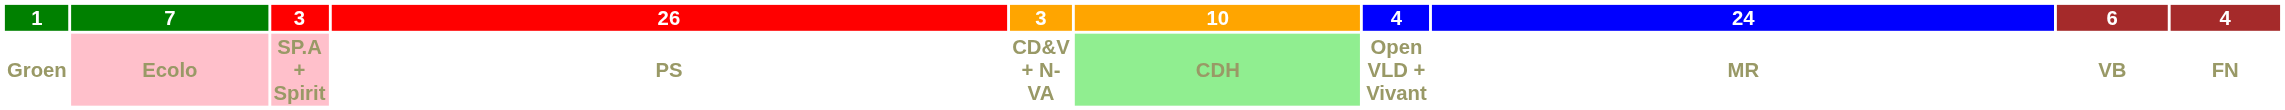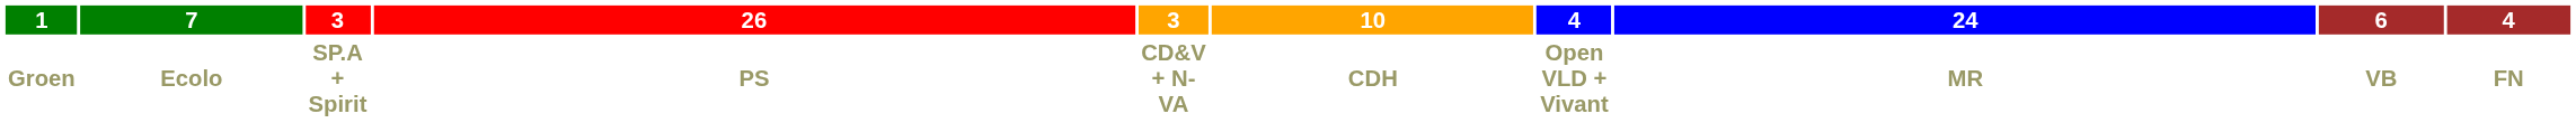 <table style="width:100%; font-size:88%; text-align:center;">
 <tr style="font-weight:bold">
 <td style="background:green; width:1.35%; color:white">1</td>
 <td style="background:green; width:8.35%; color:white">7</td>
 <td style="background:red; width:2.44%; color:white">3</td>
 <td style="background:red; width:28.75%; color:white">26</td>
 <td style="background:orange; width:2.31%; color:white">3</td>
 <td style="background:orange; width:12.14%; color:white">10</td>
 <td style="background:blue; width:2.74%; color:white">4</td>
 <td style="background:blue; width:26.46%; color:white">24</td>
 <td style="background:brown; width:4.69%; color:white">6</td>
 <td style="background:brown; width:4.67%; color:white">4</td>
 </tr>
 <tr style="font-weight:bold; color:#996;">
 <td>Groen</td>
-<td style="background: pink;">Ecolo</td>
-<td style="background: pink;">SP.A + Spirit</td>
+<td>Ecolo</td>
+<td>SP.A + Spirit</td>
 <td>PS</td>
 <td>CD&V + N-VA</td>
-<td style="background: lightgreen;">CDH</td>
+<td>CDH</td>
 <td>Open VLD + Vivant</td>
 <td>MR</td>
 <td>VB</td>
 <td>FN</td>
 </tr>
 </table>
